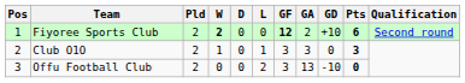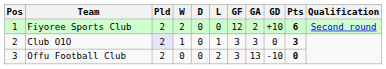 <table class="wikitable" style="text-align:center">
 <tr>
 <th style="width:20px;" abbr="Position">Pos</th>
 <th width=175>Team</th>
 <th style="width:20px;" abbr="Played">Pld</th>
 <th style="width:20px;" abbr="Won">W</th>
 <th style="width:20px;" abbr="Drawn">D</th>
 <th style="width:20px;" abbr="Lost">L</th>
 <th style="width:20px;" abbr="Goals for">GF</th>
 <th style="width:20px;" abbr="Goals against">GA</th>
 <th style="width:20px;" abbr="Goal difference">GD</th>
 <th style="width:20px;" abbr="Points">Pts</th>
 <th style="width:20px;">Qualification</th>
 </tr>
 <tr style="background:#cfc;">
 <td>1</td>
 <td align=left>Fiyoree Sports Club</td>
 <td>2</td>
-<td><strong>2</strong></td>
+<td>2</td>
 <td>0</td>
 <td>0</td>
-<td><strong>12</strong></td>
+<td>12</td>
 <td>2</td>
 <td>+10</td>
 <td><strong>6</strong></td>
 <td><a href='#'>Second round</a></td>
 </tr>
 <tr>
 <td>2</td>
 <td align=left>Club O1O</td>
-<td>2</td>
+<td style="background: lavender;">2</td>
 <td>1</td>
 <td>0</td>
 <td>1</td>
 <td>3</td>
 <td>3</td>
 <td>0</td>
 <td><strong>3</strong></td>
 </tr>
 <tr>
 <td>3</td>
 <td align=left>Offu Football Club</td>
 <td>2</td>
 <td>0</td>
 <td>0</td>
 <td>2</td>
 <td>3</td>
 <td>13</td>
 <td>-10</td>
 <td><strong>0</strong></td>
 </tr>
 </table>
